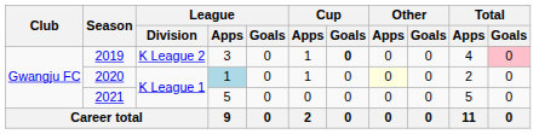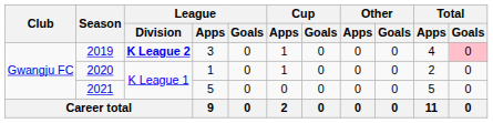 <table class="wikitable" style="text-align: center">
 <tr>
 <th rowspan="2">Club</th>
 <th rowspan="2">Season</th>
 <th colspan="3">League</th>
 <th colspan="2">Cup</th>
 <th colspan="2">Other</th>
 <th colspan="2">Total</th>
 </tr>
 <tr>
 <th>Division</th>
 <th>Apps</th>
 <th>Goals</th>
 <th>Apps</th>
 <th>Goals</th>
 <th>Apps</th>
 <th>Goals</th>
 <th>Apps</th>
 <th>Goals</th>
 </tr>
 <tr>
 <td rowspan="3"><a href='#'>Gwangju FC</a></td>
 <td><a href='#'>2019</a></td>
-<td><a href='#'>K League 2</a></td>
+<td><strong><a href='#'>K League 2</a></strong></td>
 <td>3</td>
 <td>0</td>
 <td>1</td>
-<td><strong>0</strong></td>
+<td>0</td>
 <td>0</td>
 <td>0</td>
 <td>4</td>
 <td style="background: pink;">0</td>
 </tr>
 <tr>
 <td><a href='#'>2020</a></td>
 <td rowspan="2"><a href='#'>K League 1</a></td>
-<td style="background: lightblue;">1</td>
+<td>1</td>
 <td>0</td>
 <td>1</td>
 <td>0</td>
-<td style="background: lightyellow;">0</td>
+<td>0</td>
 <td>0</td>
 <td>2</td>
 <td>0</td>
 </tr>
 <tr>
 <td><a href='#'>2021</a></td>
 <td>5</td>
 <td>0</td>
 <td>0</td>
 <td>0</td>
 <td>0</td>
 <td>0</td>
 <td>5</td>
 <td>0</td>
 </tr>
 <tr>
 <th colspan=3>Career total</th>
 <th>9</th>
 <th>0</th>
 <th>2</th>
 <th>0</th>
 <th>0</th>
 <th>0</th>
 <th>11</th>
 <th>0</th>
 </tr>
 </table>
